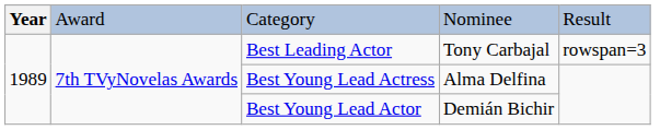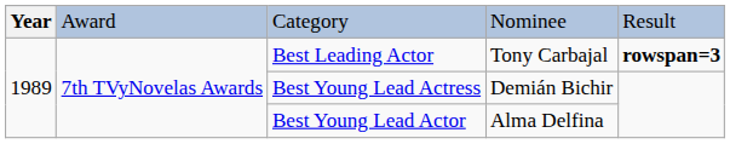 <table class="wikitable">
 <tr style="background:#b0c4de;">
 <th>Year</th>
 <td>Award</td>
 <td>Category</td>
 <td>Nominee</td>
 <td>Result</td>
 </tr>
 <tr>
 <td rowspan=3>1989</td>
 <td rowspan=3><a href='#'>7th TVyNovelas Awards</a></td>
 <td><a href='#'>Best Leading Actor</a></td>
 <td>Tony Carbajal</td>
-<td>rowspan=3 </td>
+<td><strong>rowspan=3 </strong></td>
 </tr>
 <tr>
 <td><a href='#'>Best Young Lead Actress</a></td>
-<td>Alma Delfina</td>
+<td>Demián Bichir</td>
 </tr>
 <tr>
 <td><a href='#'>Best Young Lead Actor</a></td>
-<td>Demián Bichir</td>
+<td>Alma Delfina</td>
 </tr>
 </table>
